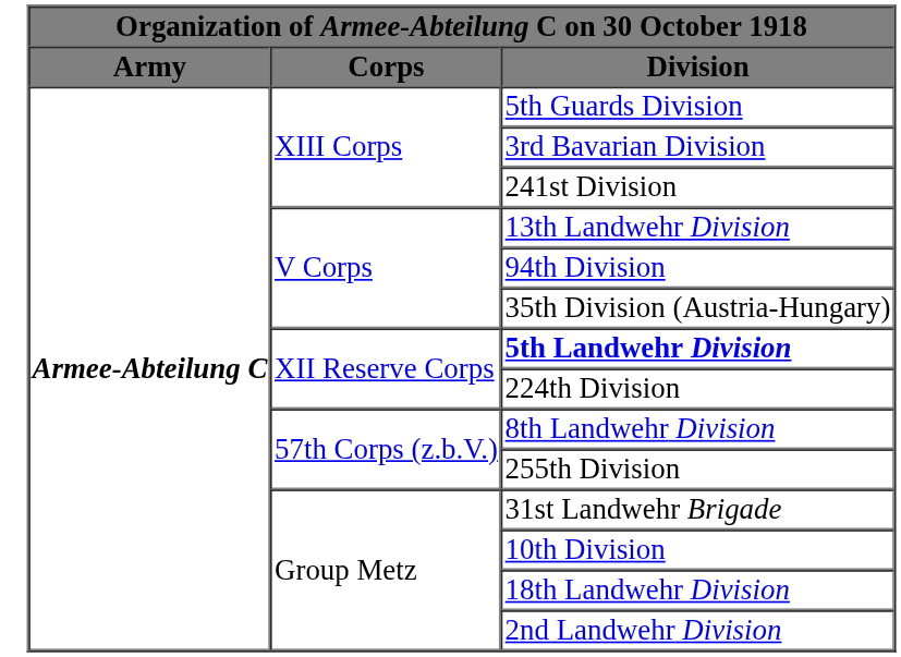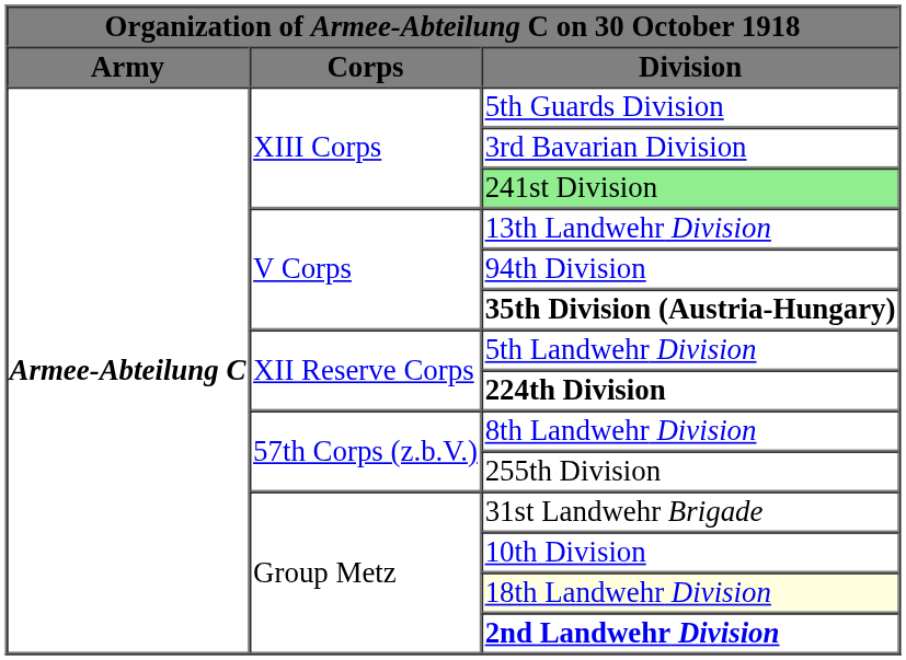 <table style="float: right;" border="1" cellpadding="1" cellspacing="0" style="font-size: 100%; border: gray solid 1px; border-collapse: collapse; text-align: center;">
 <tr style="background-color:grey; color:black;">
 <th colspan="3">Organization of <em>Armee-Abteilung</em> C on 30 October 1918</th>
 </tr>
 <tr>
 </tr>
 <tr style="background-color:grey; color:black;">
 <th>Army</th>
 <th>Corps</th>
 <th>Division</th>
 </tr>
 <tr>
 <td ROWSPAN=14><strong><em>Armee-Abteilung<em> C<strong></td>
 <td ROWSPAN=3><a href='#'>XIII Corps</a></td>
 <td><a href='#'>5th Guards Division</a></td>
 </tr>
 <tr>
 <td><a href='#'>3rd Bavarian Division</a></td>
 </tr>
 <tr>
-<td>241st Division</td>
+<td style="background: lightgreen;">241st Division</td>
 </tr>
 <tr>
 <td ROWSPAN=3><a href='#'>V Corps</a></td>
 <td><a href='#'>13th </em>Landwehr<em> Division</a></td>
 </tr>
 <tr>
 <td><a href='#'>94th Division</a></td>
 </tr>
 <tr>
-<td>35th Division (Austria-Hungary)</td>
+<td><strong>35th Division (Austria-Hungary)</strong></td>
 </tr>
 <tr>
 <td ROWSPAN=2><a href='#'>XII Reserve Corps</a></td>
-<td><strong><a href='#'>5th </em>Landwehr<em> Division</a></strong></td>
+<td><a href='#'>5th </em>Landwehr<em> Division</a></td>
 </tr>
 <tr>
-<td>224th Division</td>
+<td><strong>224th Division</strong></td>
 </tr>
 <tr>
 <td ROWSPAN=2><a href='#'>57th Corps (z.b.V.)</a></td>
 <td><a href='#'>8th </em>Landwehr<em> Division</a></td>
 </tr>
 <tr>
 <td>255th Division</td>
 </tr>
 <tr>
 <td ROWSPAN=4>Group Metz</td>
 <td>31st </em>Landwehr<em> Brigade</td>
 </tr>
 <tr>
 <td><a href='#'>10th Division</a></td>
 </tr>
 <tr>
-<td><a href='#'>18th </em>Landwehr<em> Division</a></td>
+<td style="background: lightyellow;"><a href='#'>18th </em>Landwehr<em> Division</a></td>
 </tr>
 <tr>
-<td><a href='#'>2nd </em>Landwehr<em> Division</a></td>
+<td><strong><a href='#'>2nd </em>Landwehr<em> Division</a></strong></td>
 </tr>
 </table>
